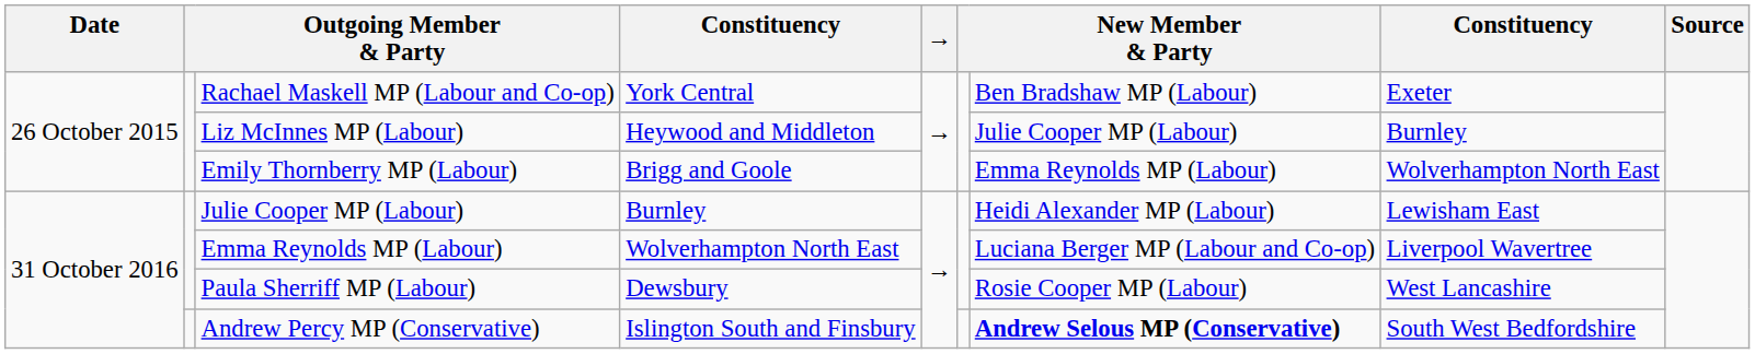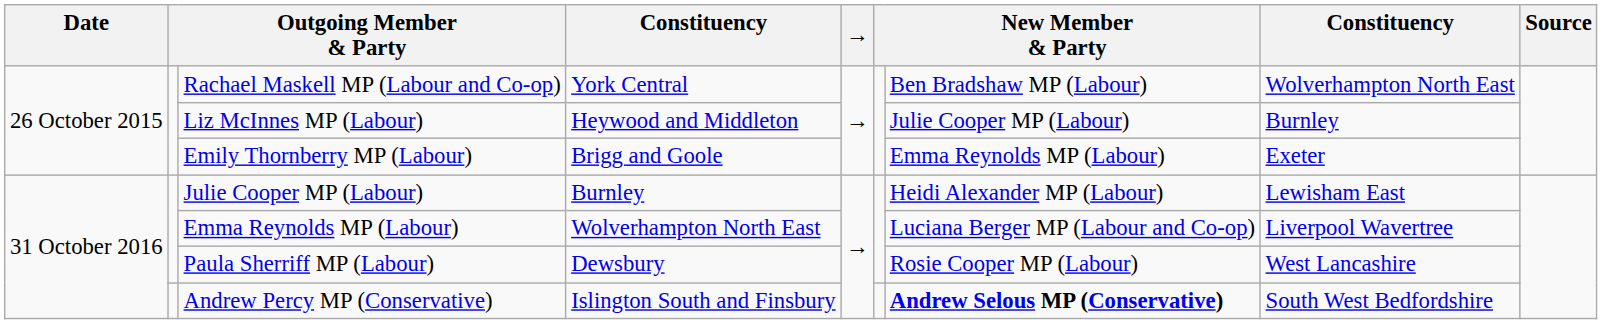 <table class="wikitable">
 <tr>
 <th valign="top">Date</th>
 <th colspan="2" valign="top">Outgoing Member<br>& Party</th>
 <th valign="top">Constituency</th>
 <th>→</th>
 <th colspan="2" valign="top">New Member<br>& Party</th>
 <th valign="top">Constituency</th>
 <th valign="top">Source</th>
 </tr>
 <tr>
 <td rowspan=3>26 October 2015</td>
 <td rowspan=3 style="color:inherit;background:"></td>
 <td><a href='#'>Rachael Maskell</a> MP (<a href='#'>Labour and Co-op</a>)</td>
 <td><a href='#'>York Central</a></td>
 <td rowspan=3>→</td>
 <td rowspan=3 style="color:inherit;background:"></td>
 <td><a href='#'>Ben Bradshaw</a> MP (<a href='#'>Labour</a>)</td>
-<td><a href='#'>Exeter</a></td>
+<td><a href='#'>Wolverhampton North East</a></td>
 <td rowspan=3></td>
 </tr>
 <tr>
 <td><a href='#'>Liz McInnes</a> MP (<a href='#'>Labour</a>)</td>
 <td><a href='#'>Heywood and Middleton</a></td>
 <td><a href='#'>Julie Cooper</a> MP (<a href='#'>Labour</a>)</td>
 <td><a href='#'>Burnley</a></td>
 </tr>
 <tr>
 <td><a href='#'>Emily Thornberry</a> MP (<a href='#'>Labour</a>)</td>
 <td><a href='#'>Brigg and Goole</a></td>
 <td><a href='#'>Emma Reynolds</a> MP (<a href='#'>Labour</a>)</td>
-<td><a href='#'>Wolverhampton North East</a></td>
+<td><a href='#'>Exeter</a></td>
 </tr>
 <tr>
 <td rowspan=4>31 October 2016</td>
 <td rowspan=3 style="color:inherit;background:"></td>
 <td><a href='#'>Julie Cooper</a> MP (<a href='#'>Labour</a>)</td>
 <td><a href='#'>Burnley</a></td>
 <td rowspan=4>→</td>
 <td rowspan=3 style="color:inherit;background:"></td>
 <td><a href='#'>Heidi Alexander</a> MP (<a href='#'>Labour</a>)</td>
 <td><a href='#'>Lewisham East</a></td>
 <td rowspan=4></td>
 </tr>
 <tr>
 <td><a href='#'>Emma Reynolds</a> MP (<a href='#'>Labour</a>)</td>
 <td><a href='#'>Wolverhampton North East</a></td>
 <td><a href='#'>Luciana Berger</a> MP (<a href='#'>Labour and Co-op</a>)</td>
 <td><a href='#'>Liverpool Wavertree</a></td>
 </tr>
 <tr>
 <td><a href='#'>Paula Sherriff</a> MP (<a href='#'>Labour</a>)</td>
 <td><a href='#'>Dewsbury</a></td>
 <td><a href='#'>Rosie Cooper</a> MP (<a href='#'>Labour</a>)</td>
 <td><a href='#'>West Lancashire</a></td>
 </tr>
 <tr>
 <td style="color:inherit;background:"></td>
 <td><a href='#'>Andrew Percy</a> MP (<a href='#'>Conservative</a>)</td>
 <td><a href='#'>Islington South and Finsbury</a></td>
 <td style="color:inherit;background:"></td>
 <td><strong><a href='#'>Andrew Selous</a> MP (<a href='#'>Conservative</a>)</strong></td>
 <td><a href='#'>South West Bedfordshire</a></td>
 </tr>
 </table>
